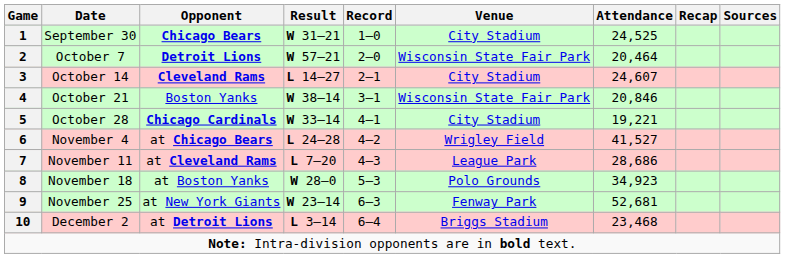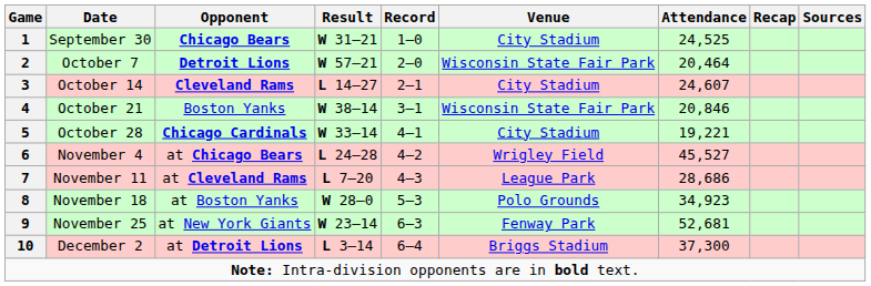 <table class="wikitable" style="text-align:center">
 <tr>
 <th>Game</th>
 <th>Date</th>
 <th>Opponent</th>
 <th>Result</th>
 <th>Record</th>
 <th>Venue</th>
 <th>Attendance</th>
 <th>Recap</th>
 <th>Sources</th>
 </tr>
 <tr style="background:#cfc">
 <th>1</th>
 <td>September 30</td>
 <td><strong><a href='#'>Chicago Bears</a></strong></td>
 <td><strong>W</strong> 31–21</td>
 <td>1–0</td>
 <td><a href='#'>City Stadium</a></td>
 <td>24,525</td>
 <td></td>
 <td></td>
 </tr>
 <tr style="background:#cfc">
 <th>2</th>
 <td>October 7</td>
 <td><strong><a href='#'>Detroit Lions</a></strong></td>
 <td><strong>W</strong> 57–21</td>
 <td>2–0</td>
 <td><a href='#'>Wisconsin State Fair Park</a></td>
 <td>20,464</td>
 <td></td>
 <td></td>
 </tr>
 <tr style="background:#fcc">
 <th>3</th>
 <td>October 14</td>
 <td><strong><a href='#'>Cleveland Rams</a></strong></td>
 <td><strong>L</strong> 14–27</td>
 <td>2–1</td>
 <td><a href='#'>City Stadium</a></td>
 <td>24,607</td>
 <td></td>
 <td></td>
 </tr>
 <tr style="background:#cfc">
 <th>4</th>
 <td>October 21</td>
 <td><a href='#'>Boston Yanks</a></td>
 <td><strong>W</strong> 38–14</td>
 <td>3–1</td>
 <td><a href='#'>Wisconsin State Fair Park</a></td>
 <td>20,846</td>
 <td></td>
 <td></td>
 </tr>
 <tr style="background:#cfc">
 <th>5</th>
 <td>October 28</td>
 <td><strong><a href='#'>Chicago Cardinals</a></strong></td>
 <td><strong>W</strong> 33–14</td>
 <td>4–1</td>
 <td><a href='#'>City Stadium</a></td>
 <td>19,221</td>
 <td></td>
 <td></td>
 </tr>
 <tr style="background:#fcc">
 <th>6</th>
 <td>November 4</td>
 <td>at <strong><a href='#'>Chicago Bears</a></strong></td>
 <td><strong>L</strong> 24–28</td>
 <td>4–2</td>
 <td><a href='#'>Wrigley Field</a></td>
-<td>41,527</td>
+<td>45,527</td>
 <td></td>
 <td></td>
 </tr>
 <tr style="background:#fcc">
 <th>7</th>
 <td>November 11</td>
 <td>at <strong><a href='#'>Cleveland Rams</a></strong></td>
 <td><strong>L</strong> 7–20</td>
 <td>4–3</td>
 <td><a href='#'>League Park</a></td>
 <td>28,686</td>
 <td></td>
 <td></td>
 </tr>
 <tr style="background:#cfc">
 <th>8</th>
 <td>November 18</td>
 <td>at <a href='#'>Boston Yanks</a></td>
 <td><strong>W</strong> 28–0</td>
 <td>5–3</td>
 <td><a href='#'>Polo Grounds</a></td>
 <td>34,923</td>
 <td></td>
 <td></td>
 </tr>
 <tr style="background:#cfc">
 <th>9</th>
 <td>November 25</td>
 <td>at <a href='#'>New York Giants</a></td>
 <td><strong>W</strong> 23–14</td>
 <td>6–3</td>
 <td><a href='#'>Fenway Park</a></td>
 <td>52,681</td>
 <td></td>
 <td></td>
 </tr>
 <tr style="background:#fcc">
 <th>10</th>
 <td>December 2</td>
 <td>at <strong><a href='#'>Detroit Lions</a></strong></td>
 <td><strong>L</strong> 3–14</td>
 <td>6–4</td>
 <td><a href='#'>Briggs Stadium</a></td>
-<td>23,468</td>
+<td>37,300</td>
 <td></td>
 <td></td>
 </tr>
 <tr>
 <td colspan="10"><strong>Note:</strong> Intra-division opponents are in <strong>bold</strong> text.</td>
 </tr>
 </table>
